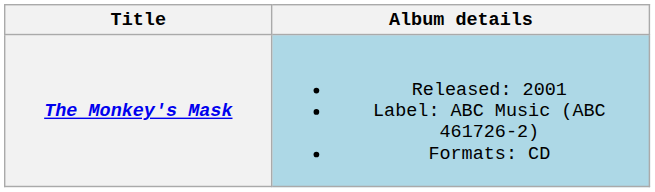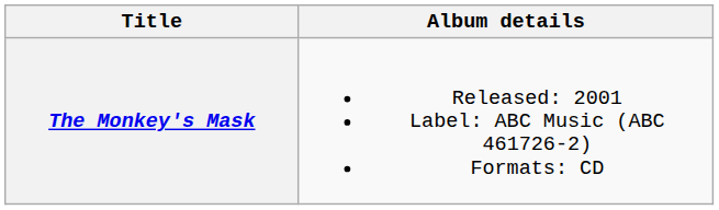 <table class="wikitable plainrowheaders" style="text-align:center;">
 <tr>
 <th scope="col" style="width:14em;">Title</th>
 <th scope="col" style="width:20em;">Album details</th>
 </tr>
 <tr>
 <th scope="row"><em><a href='#'>The Monkey's Mask</a></em></th>
-<td style="background: lightblue;"><br><ul><li>Released: 2001</li><li>Label: ABC Music (ABC 461726-2)</li><li>Formats: CD</li></ul></td>
+<td><br><ul><li>Released: 2001</li><li>Label: ABC Music (ABC 461726-2)</li><li>Formats: CD</li></ul></td>
 </tr>
 </table>
